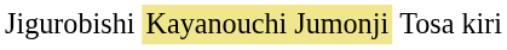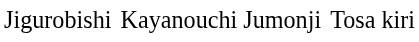 <table class="toccolours" border="0" cellpadding="2" cellspacing="2">
 <tr>
 <td></td>
 <td></td>
 <td></td>
 </tr>
 <tr>
 <td><div>Jigurobishi</div></td>
-<td style="background: khaki;"><div>Kayanouchi Jumonji</div></td>
+<td><div>Kayanouchi Jumonji</div></td>
 <td><div>Tosa kiri</div></td>
 </tr>
 </table>
